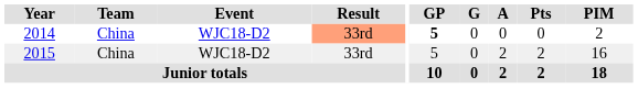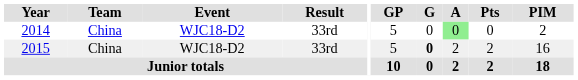 <table border="0" cellpadding="1" cellspacing="0" ID="Table3" style="text-align:center; width:40em">
 <tr ALIGN="center" bgcolor="#e0e0e0">
 <th>Year</th>
 <th>Team</th>
 <th>Event</th>
 <th>Result</th>
 <th rowspan="99" bgcolor="#ffffff"></th>
 <th>GP</th>
 <th>G</th>
 <th>A</th>
 <th>Pts</th>
 <th>PIM</th>
 </tr>
 <tr>
 <td><a href='#'>2014</a></td>
 <td><a href='#'>China</a></td>
 <td><a href='#'>WJC18-D2</a></td>
-<td style="background: lightsalmon;">33rd</td>
-<td><strong>5</strong></td>
+<td>33rd</td>
+<td>5</td>
 <td>0</td>
-<td>0</td>
+<td style="background: lightgreen;">0</td>
 <td>0</td>
 <td>2</td>
 </tr>
 <tr bgcolor="#f0f0f0">
 <td><a href='#'>2015</a></td>
 <td>China</td>
 <td>WJC18-D2</td>
 <td>33rd</td>
 <td>5</td>
-<td>0</td>
+<td><strong>0</strong></td>
 <td>2</td>
 <td>2</td>
 <td>16</td>
 </tr>
 <tr bgcolor="#e0e0e0">
 <th colspan="4">Junior totals</th>
 <th>10</th>
 <th>0</th>
 <th>2</th>
 <th>2</th>
 <th>18</th>
 </tr>
 </table>
